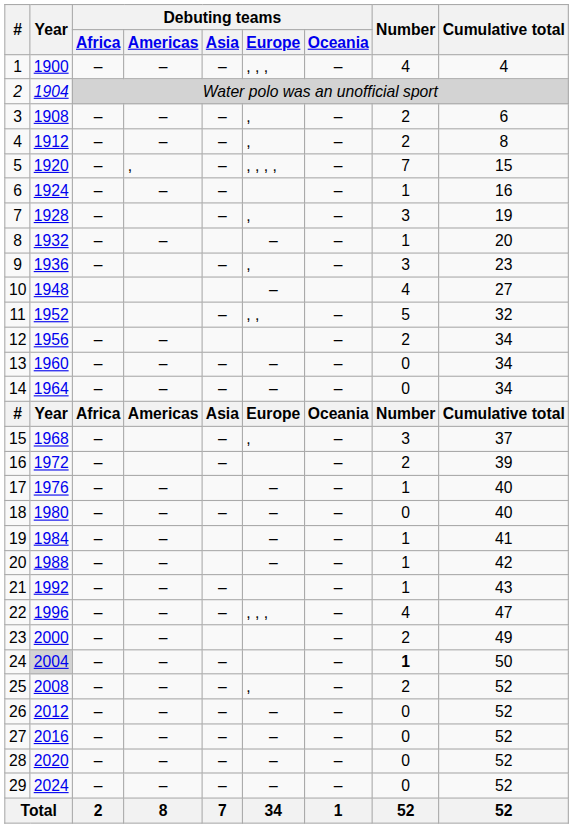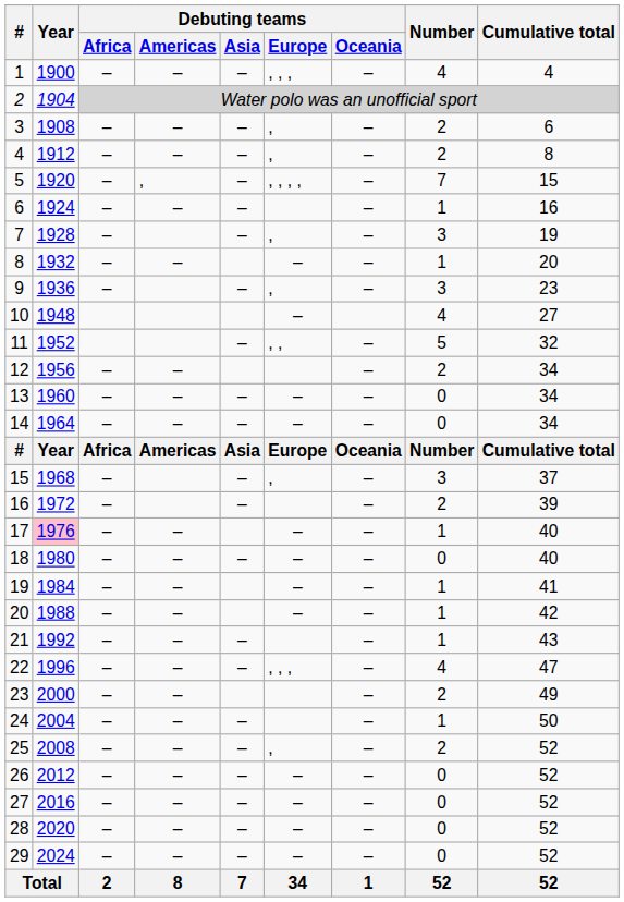 <table class="wikitable" style="text-align: center; font-size: 90%; margin-left: 1em;">
 <tr>
 <th rowspan="2">#</th>
 <th rowspan="2">Year</th>
 <th colspan="5">Debuting teams</th>
 <th rowspan="2">Number</th>
 <th rowspan="2">Cumulative total</th>
 </tr>
 <tr>
 <th><a href='#'>Africa</a></th>
 <th><a href='#'>Americas</a></th>
 <th><a href='#'>Asia</a></th>
 <th><a href='#'>Europe</a></th>
 <th><a href='#'>Oceania</a></th>
 </tr>
 <tr>
 <td>1</td>
 <td><a href='#'>1900</a></td>
 <td>–</td>
 <td>–</td>
 <td>–</td>
 <td style="text-align: left;">, , , </td>
 <td>–</td>
 <td>4</td>
 <td>4</td>
 </tr>
 <tr>
 <td><em>2</em></td>
 <td><em><a href='#'>1904</a></em></td>
 <td colspan="8" style="background-color: lightgray;"><em>Water polo was an unofficial sport</em></td>
 </tr>
 <tr>
 <td>3</td>
 <td><a href='#'>1908</a></td>
 <td>–</td>
 <td>–</td>
 <td>–</td>
 <td style="text-align: left;">, </td>
 <td>–</td>
 <td>2</td>
 <td>6</td>
 </tr>
 <tr>
 <td>4</td>
 <td><a href='#'>1912</a></td>
 <td>–</td>
 <td>–</td>
 <td>–</td>
 <td style="text-align: left;">, </td>
 <td>–</td>
 <td>2</td>
 <td>8</td>
 </tr>
 <tr>
 <td>5</td>
 <td><a href='#'>1920</a></td>
 <td>–</td>
 <td style="text-align: left;">, </td>
 <td>–</td>
 <td style="text-align: left;">, , , , </td>
 <td>–</td>
 <td>7</td>
 <td>15</td>
 </tr>
 <tr>
 <td>6</td>
 <td><a href='#'>1924</a></td>
 <td>–</td>
 <td>–</td>
 <td>–</td>
 <td style="text-align: left;"></td>
 <td>–</td>
 <td>1</td>
 <td>16</td>
 </tr>
 <tr>
 <td>7</td>
 <td><a href='#'>1928</a></td>
 <td>–</td>
 <td style="text-align: left;"></td>
 <td>–</td>
 <td style="text-align: left;">, </td>
 <td>–</td>
 <td>3</td>
 <td>19</td>
 </tr>
 <tr>
 <td>8</td>
 <td><a href='#'>1932</a></td>
 <td>–</td>
 <td>–</td>
 <td style="text-align: left;"></td>
 <td>–</td>
 <td>–</td>
 <td>1</td>
 <td>20</td>
 </tr>
 <tr>
 <td>9</td>
 <td><a href='#'>1936</a></td>
 <td>–</td>
 <td style="text-align: left;"></td>
 <td>–</td>
 <td style="text-align: left;">, </td>
 <td>–</td>
 <td>3</td>
 <td>23</td>
 </tr>
 <tr>
 <td>10</td>
 <td><a href='#'>1948</a></td>
 <td style="text-align: left;"></td>
 <td style="text-align: left;"></td>
 <td style="text-align: left;"></td>
 <td>–</td>
 <td style="text-align: left;"></td>
 <td>4</td>
 <td>27</td>
 </tr>
 <tr>
 <td>11</td>
 <td><a href='#'>1952</a></td>
 <td style="text-align: left;"></td>
 <td style="text-align: left;"></td>
 <td>–</td>
 <td style="text-align: left;">, , </td>
 <td>–</td>
 <td>5</td>
 <td>32</td>
 </tr>
 <tr>
 <td>12</td>
 <td><a href='#'>1956</a></td>
 <td>–</td>
 <td>–</td>
 <td style="text-align: left;"></td>
 <td style="text-align: left;"></td>
 <td>–</td>
 <td>2</td>
 <td>34</td>
 </tr>
 <tr>
 <td>13</td>
 <td><a href='#'>1960</a></td>
 <td>–</td>
 <td>–</td>
 <td>–</td>
 <td>–</td>
 <td>–</td>
 <td>0</td>
 <td>34</td>
 </tr>
 <tr>
 <td>14</td>
 <td><a href='#'>1964</a></td>
 <td>–</td>
 <td>–</td>
 <td>–</td>
 <td>–</td>
 <td>–</td>
 <td>0</td>
 <td>34</td>
 </tr>
 <tr>
 <th>#</th>
 <th>Year</th>
 <th>Africa</th>
 <th>Americas</th>
 <th>Asia</th>
 <th>Europe</th>
 <th>Oceania</th>
 <th>Number</th>
 <th>Cumulative total</th>
 </tr>
 <tr>
 <td>15</td>
 <td><a href='#'>1968</a></td>
 <td>–</td>
 <td style="text-align: left;"></td>
 <td>–</td>
 <td style="text-align: left;">, </td>
 <td>–</td>
 <td>3</td>
 <td>37</td>
 </tr>
 <tr>
 <td>16</td>
 <td><a href='#'>1972</a></td>
 <td>–</td>
 <td style="text-align: left;"></td>
 <td>–</td>
 <td style="text-align: left;"></td>
 <td>–</td>
 <td>2</td>
 <td>39</td>
 </tr>
 <tr>
 <td>17</td>
-<td><a href='#'>1976</a></td>
+<td style="background: pink;"><a href='#'>1976</a></td>
 <td>–</td>
 <td>–</td>
 <td style="text-align: left;"></td>
 <td>–</td>
 <td>–</td>
 <td>1</td>
 <td>40</td>
 </tr>
 <tr>
 <td>18</td>
 <td><a href='#'>1980</a></td>
 <td>–</td>
 <td>–</td>
 <td>–</td>
 <td>–</td>
 <td>–</td>
 <td>0</td>
 <td>40</td>
 </tr>
 <tr>
 <td>19</td>
 <td><a href='#'>1984</a></td>
 <td>–</td>
 <td>–</td>
 <td style="text-align: left;"></td>
 <td>–</td>
 <td>–</td>
 <td>1</td>
 <td>41</td>
 </tr>
 <tr>
 <td>20</td>
 <td><a href='#'>1988</a></td>
 <td>–</td>
 <td>–</td>
 <td style="text-align: left;"></td>
 <td>–</td>
 <td>–</td>
 <td>1</td>
 <td>42</td>
 </tr>
 <tr>
 <td>21</td>
 <td><a href='#'>1992</a></td>
 <td>–</td>
 <td>–</td>
 <td>–</td>
 <td style="text-align: left;"></td>
 <td>–</td>
 <td>1</td>
 <td>43</td>
 </tr>
 <tr>
 <td>22</td>
 <td><a href='#'>1996</a></td>
 <td>–</td>
 <td>–</td>
 <td>–</td>
 <td style="text-align: left;">, , , </td>
 <td>–</td>
 <td>4</td>
 <td>47</td>
 </tr>
 <tr>
 <td>23</td>
 <td><a href='#'>2000</a></td>
 <td>–</td>
 <td>–</td>
 <td style="text-align: left;"></td>
 <td style="text-align: left;"></td>
 <td>–</td>
 <td>2</td>
 <td>49</td>
 </tr>
 <tr>
 <td>24</td>
-<td style="background: lightgrey;"><a href='#'>2004</a></td>
+<td><a href='#'>2004</a></td>
 <td>–</td>
 <td>–</td>
 <td>–</td>
 <td style="text-align: left;"></td>
 <td>–</td>
-<td><strong>1</strong></td>
+<td>1</td>
 <td>50</td>
 </tr>
 <tr>
 <td>25</td>
 <td><a href='#'>2008</a></td>
 <td>–</td>
 <td>–</td>
 <td>–</td>
 <td style="text-align: left;">, </td>
 <td>–</td>
 <td>2</td>
 <td>52</td>
 </tr>
 <tr>
 <td>26</td>
 <td><a href='#'>2012</a></td>
 <td>–</td>
 <td>–</td>
 <td>–</td>
 <td>–</td>
 <td>–</td>
 <td>0</td>
 <td>52</td>
 </tr>
 <tr>
 <td>27</td>
 <td><a href='#'>2016</a></td>
 <td>–</td>
 <td>–</td>
 <td>–</td>
 <td>–</td>
 <td>–</td>
 <td>0</td>
 <td>52</td>
 </tr>
 <tr>
 <td>28</td>
 <td><a href='#'>2020</a></td>
 <td>–</td>
 <td>–</td>
 <td>–</td>
 <td>–</td>
 <td>–</td>
 <td>0</td>
 <td>52</td>
 </tr>
 <tr>
 <td>29</td>
 <td><a href='#'>2024</a></td>
 <td>–</td>
 <td>–</td>
 <td>–</td>
 <td>–</td>
 <td>–</td>
 <td>0</td>
 <td>52</td>
 </tr>
 <tr>
 <th colspan="2">Total</th>
 <th>2</th>
 <th>8</th>
 <th>7</th>
 <th>34</th>
 <th>1</th>
 <th>52</th>
 <th>52</th>
 </tr>
 </table>
